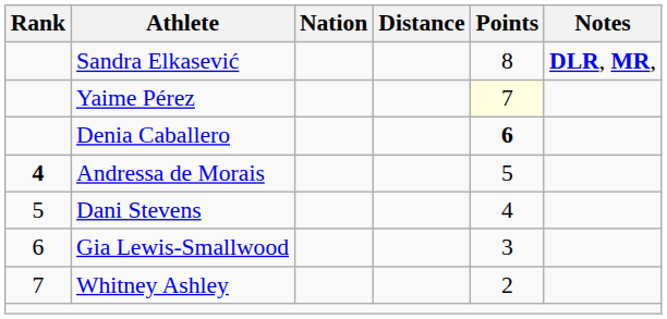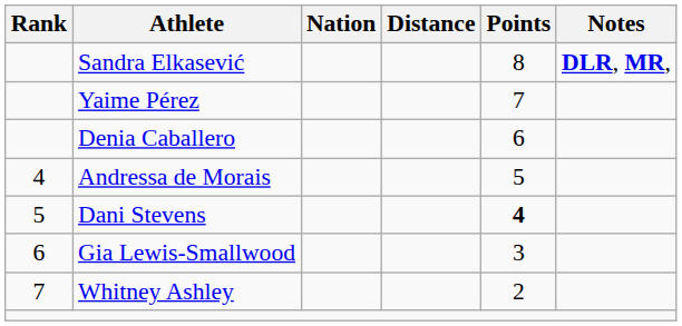 <table class="wikitable sortable" style="text-align:center;">
 <tr>
 <th scope="col" style="width: 10px;">Rank</th>
 <th scope="col">Athlete</th>
 <th scope="col">Nation</th>
 <th scope="col">Distance</th>
 <th scope="col">Points</th>
 <th scope="col">Notes</th>
 </tr>
 <tr>
 <td></td>
 <td align=left><a href='#'>Sandra Elkasević</a></td>
 <td align=left></td>
 <td></td>
 <td>8</td>
 <td><strong><a href='#'>DLR</a></strong>, <strong><a href='#'>MR</a></strong>, </td>
 </tr>
 <tr>
 <td></td>
 <td align=left><a href='#'>Yaime Pérez</a></td>
 <td align=left></td>
 <td></td>
-<td style="background: lightyellow;">7</td>
+<td>7</td>
 <td></td>
 </tr>
 <tr>
 <td></td>
 <td align=left><a href='#'>Denia Caballero</a></td>
 <td align=left></td>
 <td></td>
-<td><strong>6</strong></td>
+<td>6</td>
 <td></td>
 </tr>
 <tr>
-<td><strong>4</strong></td>
+<td>4</td>
 <td align=left><a href='#'>Andressa de Morais</a></td>
 <td align=left></td>
 <td></td>
 <td>5</td>
 <td></td>
 </tr>
 <tr>
 <td>5</td>
 <td align=left><a href='#'>Dani Stevens</a></td>
 <td align=left></td>
 <td></td>
-<td>4</td>
+<td><strong>4</strong></td>
 <td></td>
 </tr>
 <tr>
 <td>6</td>
 <td align=left><a href='#'>Gia Lewis-Smallwood</a></td>
 <td align=left></td>
 <td></td>
 <td>3</td>
 <td></td>
 </tr>
 <tr>
 <td>7</td>
 <td align=left><a href='#'>Whitney Ashley</a></td>
 <td align=left></td>
 <td></td>
 <td>2</td>
 <td></td>
 </tr>
 <tr class="sortbottom">
 <td colspan=6></td>
 </tr>
 </table>
